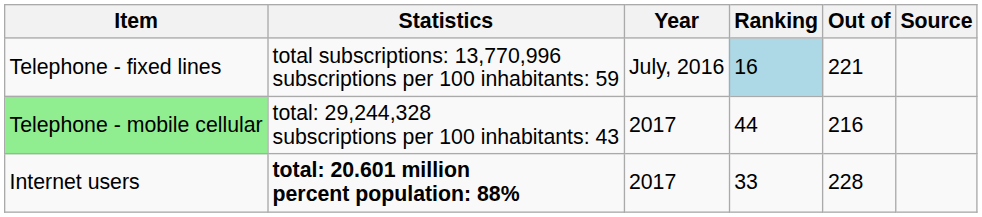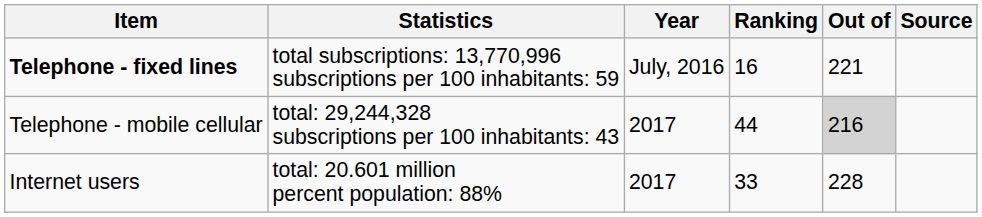 <table class="wikitable">
 <tr>
 <th>Item</th>
 <th>Statistics</th>
 <th>Year</th>
 <th>Ranking</th>
 <th>Out of</th>
 <th>Source</th>
 </tr>
 <tr>
-<td>Telephone - fixed lines</td>
+<td><strong>Telephone - fixed lines</strong></td>
 <td>total subscriptions: 13,770,996<br>subscriptions per 100 inhabitants: 59</td>
 <td>July, 2016</td>
-<td style="background: lightblue;">16</td>
+<td>16</td>
 <td>221</td>
 <td></td>
 </tr>
 <tr>
-<td style="background: lightgreen;">Telephone - mobile cellular</td>
+<td>Telephone - mobile cellular</td>
 <td>total: 29,244,328<br>subscriptions per 100 inhabitants: 43</td>
 <td>2017</td>
 <td>44</td>
-<td>216</td>
+<td style="background: lightgrey;">216</td>
 <td></td>
 </tr>
 <tr>
 <td>Internet users</td>
-<td><strong>total: 20.601 million<br>percent population: 88%</strong></td>
+<td>total: 20.601 million<br>percent population: 88%</td>
 <td>2017</td>
 <td>33</td>
 <td>228</td>
 <td></td>
 </tr>
 </table>
